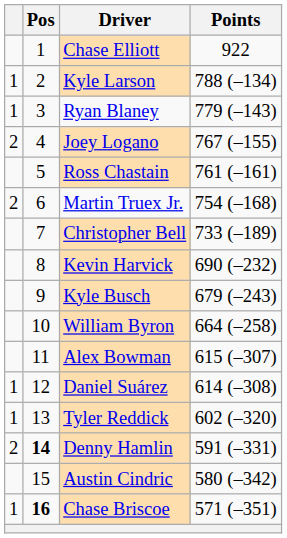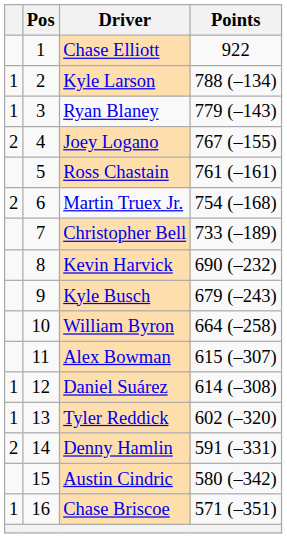 <table class="wikitable" style="font-size: 95%;">
 <tr>
 <th></th>
 <th>Pos</th>
 <th>Driver</th>
 <th>Points</th>
 </tr>
 <tr>
 <td align="left"></td>
 <td style="text-align:center;">1</td>
 <td style="background:#FFDEAD;"><a href='#'>Chase Elliott</a></td>
 <td style="text-align:center;">922</td>
 </tr>
 <tr>
 <td align="left"> 1</td>
 <td style="text-align:center;">2</td>
 <td style="background:#FFDEAD;"><a href='#'>Kyle Larson</a></td>
 <td style="text-align:center;">788 (–134)</td>
 </tr>
 <tr>
 <td align="left"> 1</td>
 <td style="text-align:center;">3</td>
 <td><a href='#'>Ryan Blaney</a></td>
 <td style="text-align:center;">779 (–143)</td>
 </tr>
 <tr>
 <td align="left"> 2</td>
 <td style="text-align:center;">4</td>
 <td style="background:#FFDEAD;"><a href='#'>Joey Logano</a></td>
 <td style="text-align:center;">767 (–155)</td>
 </tr>
 <tr>
 <td align="left"></td>
 <td style="text-align:center;">5</td>
 <td style="background:#FFDEAD;"><a href='#'>Ross Chastain</a></td>
 <td style="text-align:center;">761 (–161)</td>
 </tr>
 <tr>
 <td align="left"> 2</td>
 <td style="text-align:center;">6</td>
 <td><a href='#'>Martin Truex Jr.</a></td>
 <td style="text-align:center;">754 (–168)</td>
 </tr>
 <tr>
 <td align="left"></td>
 <td style="text-align:center;">7</td>
 <td style="background:#FFDEAD;"><a href='#'>Christopher Bell</a></td>
 <td style="text-align:center;">733 (–189)</td>
 </tr>
 <tr>
 <td align="left"></td>
 <td style="text-align:center;">8</td>
 <td style="background:#FFDEAD;"><a href='#'>Kevin Harvick</a></td>
 <td style="text-align:center;">690 (–232)</td>
 </tr>
 <tr>
 <td align="left"></td>
 <td style="text-align:center;">9</td>
 <td style="background:#FFDEAD;"><a href='#'>Kyle Busch</a></td>
 <td style="text-align:center;">679 (–243)</td>
 </tr>
 <tr>
 <td align="left"></td>
 <td style="text-align:center;">10</td>
 <td style="background:#FFDEAD;"><a href='#'>William Byron</a></td>
 <td style="text-align:center;">664 (–258)</td>
 </tr>
 <tr>
 <td align="left"></td>
 <td style="text-align:center;">11</td>
 <td style="background:#FFDEAD;"><a href='#'>Alex Bowman</a></td>
 <td style="text-align:center;">615 (–307)</td>
 </tr>
 <tr>
 <td align="left"> 1</td>
 <td style="text-align:center;">12</td>
 <td style="background:#FFDEAD;"><a href='#'>Daniel Suárez</a></td>
 <td style="text-align:center;">614 (–308)</td>
 </tr>
 <tr>
 <td align="left"> 1</td>
 <td style="text-align:center;">13</td>
 <td style="background:#FFDEAD;"><a href='#'>Tyler Reddick</a></td>
 <td style="text-align:center;">602 (–320)</td>
 </tr>
 <tr>
 <td align="left"> 2</td>
-<td style="text-align:center;"><strong>14</strong></td>
+<td style="text-align:center;">14</td>
 <td style="background:#FFDEAD;"><a href='#'>Denny Hamlin</a></td>
 <td style="text-align:center;">591 (–331)</td>
 </tr>
 <tr>
 <td align="left"></td>
 <td style="text-align:center;">15</td>
 <td style="background:#FFDEAD;"><a href='#'>Austin Cindric</a></td>
 <td style="text-align:center;">580 (–342)</td>
 </tr>
 <tr>
 <td align="left"> 1</td>
-<td style="text-align:center;"><strong>16</strong></td>
+<td style="text-align:center;">16</td>
 <td style="background:#FFDEAD;"><a href='#'>Chase Briscoe</a></td>
 <td style="text-align:center;">571 (–351)</td>
 </tr>
 <tr class="sortbottom">
 <th colspan="9"></th>
 </tr>
 </table>
